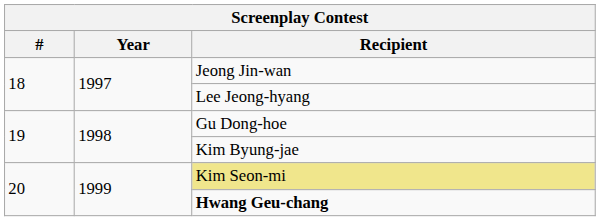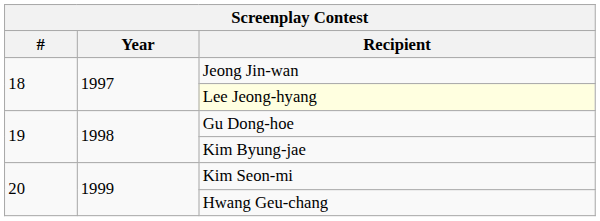 <table class="wikitable collapsible collapsed" style="width:45%">
 <tr>
 <th colspan="4">Screenplay Contest</th>
 </tr>
 <tr>
 <th>#</th>
 <th>Year</th>
 <th>Recipient</th>
 </tr>
 <tr>
 <td rowspan=2>18</td>
 <td rowspan=2>1997</td>
 <td>Jeong Jin-wan</td>
 </tr>
 <tr>
-<td>Lee Jeong-hyang</td>
+<td style="background: lightyellow;">Lee Jeong-hyang</td>
 </tr>
 <tr>
 <td rowspan=2>19</td>
 <td rowspan=2>1998</td>
 <td>Gu Dong-hoe</td>
 </tr>
 <tr>
 <td>Kim Byung-jae</td>
 </tr>
 <tr>
 <td rowspan=2>20</td>
 <td rowspan=2>1999</td>
-<td style="background: khaki;">Kim Seon-mi</td>
+<td>Kim Seon-mi</td>
 </tr>
 <tr>
-<td><strong>Hwang Geu-chang</strong></td>
+<td>Hwang Geu-chang</td>
 </tr>
 </table>
